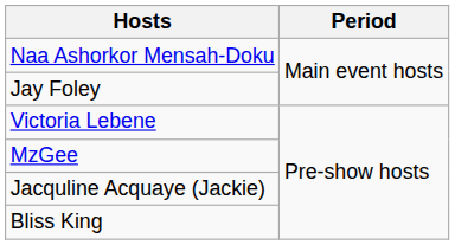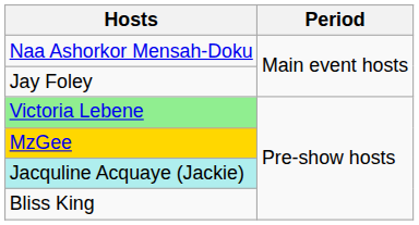 <table class="wikitable">
 <tr>
 <th>Hosts</th>
 <th>Period</th>
 </tr>
 <tr>
 <td><a href='#'>Naa Ashorkor Mensah-Doku</a></td>
 <td rowspan="2">Main event hosts</td>
 </tr>
 <tr>
 <td>Jay Foley</td>
 </tr>
 <tr>
-<td><a href='#'>Victoria Lebene</a></td>
+<td style="background: lightgreen;"><a href='#'>Victoria Lebene</a></td>
 <td rowspan="4">Pre-show hosts</td>
 </tr>
 <tr>
-<td><a href='#'>MzGee</a></td>
+<td style="background: gold;"><a href='#'>MzGee</a></td>
 </tr>
 <tr>
-<td>Jacquline Acquaye (Jackie)</td>
+<td style="background: paleturquoise;">Jacquline Acquaye (Jackie)</td>
 </tr>
 <tr>
 <td>Bliss King</td>
 </tr>
 </table>
